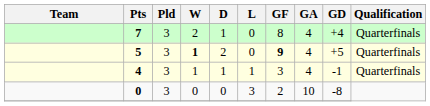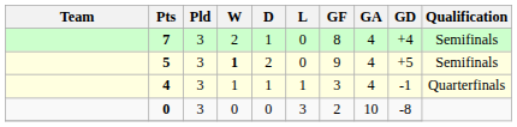 <table class=wikitable style="text-align:center">
 <tr>
 <th width=150>Team</th>
 <th width=30>Pts</th>
 <th width=30>Pld</th>
 <th width=30>W</th>
 <th width=30>D</th>
 <th width=30>L</th>
 <th width=30>GF</th>
 <th width=30>GA</th>
 <th width=30>GD</th>
 <th width=50>Qualification</th>
 </tr>
 <tr style="background:#ccffcc">
 <td align=left></td>
 <td><strong>7</strong></td>
 <td>3</td>
 <td>2</td>
 <td>1</td>
 <td>0</td>
 <td>8</td>
 <td>4</td>
 <td>+4</td>
-<td>Quarterfinals</td>
+<td>Semifinals</td>
 </tr>
 <tr style="background:#FFFFE0">
 <td align=left></td>
 <td><strong>5</strong></td>
 <td>3</td>
 <td><strong>1</strong></td>
 <td>2</td>
 <td>0</td>
-<td><strong>9</strong></td>
+<td>9</td>
 <td>4</td>
 <td>+5</td>
-<td>Quarterfinals</td>
+<td>Semifinals</td>
 </tr>
 <tr style="background:#FFFFE0">
 <td align=left></td>
 <td><strong>4</strong></td>
 <td>3</td>
 <td>1</td>
 <td>1</td>
 <td>1</td>
 <td>3</td>
 <td>4</td>
 <td>-1</td>
 <td>Quarterfinals</td>
 </tr>
 <tr>
 <td align=left></td>
 <td><strong>0</strong></td>
 <td>3</td>
 <td>0</td>
 <td>0</td>
 <td>3</td>
 <td>2</td>
 <td>10</td>
 <td>-8</td>
 </tr>
 <tr>
 </tr>
 </table>
